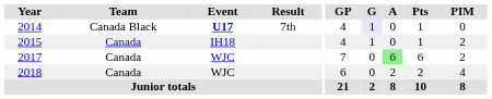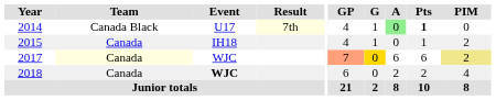 <table border="0" cellpadding="1" cellspacing="0" ID="Table3" style="text-align:center; width:40em">
 <tr bgcolor="#e0e0e0">
 <th>Year</th>
 <th>Team</th>
 <th>Event</th>
 <th>Result</th>
 <th rowspan="100" bgcolor="#ffffff"></th>
 <th>GP</th>
 <th>G</th>
 <th>A</th>
 <th>Pts</th>
 <th>PIM</th>
 </tr>
 <tr>
 <td><a href='#'>2014</a></td>
 <td>Canada Black</td>
-<td><strong><a href='#'>U17</a></strong></td>
-<td>7th</td>
+<td><a href='#'>U17</a></td>
+<td style="background: lightyellow;">7th</td>
 <td>4</td>
-<td style="background: lavender;">1</td>
-<td>0</td>
 <td>1</td>
+<td style="background: lightgreen;">0</td>
+<td><strong>1</strong></td>
 <td>0</td>
 </tr>
 <tr bgcolor="#f0f0f0">
 <td><a href='#'>2015</a></td>
 <td><a href='#'>Canada</a></td>
 <td><a href='#'>IH18</a></td>
 <td></td>
 <td>4</td>
 <td>1</td>
 <td>0</td>
 <td>1</td>
 <td>2</td>
 </tr>
 <tr>
 <td><a href='#'>2017</a></td>
-<td>Canada</td>
+<td style="background: lightyellow;">Canada</td>
 <td><a href='#'>WJC</a></td>
 <td></td>
-<td>7</td>
-<td>0</td>
-<td style="background: lightgreen;">6</td>
+<td style="background: lightsalmon;">7</td>
+<td style="background: gold;">0</td>
 <td>6</td>
-<td>2</td>
+<td>6</td>
+<td style="background: khaki;">2</td>
 </tr>
 <tr bgcolor="#f0f0f0">
 <td><a href='#'>2018</a></td>
 <td>Canada</td>
-<td>WJC</td>
+<td><strong>WJC</strong></td>
 <td></td>
 <td>6</td>
 <td>0</td>
 <td>2</td>
 <td>2</td>
 <td>4</td>
 </tr>
 <tr bgcolor="#e0e0e0">
 <th colspan="4">Junior totals</th>
 <th>21</th>
 <th>2</th>
 <th>8</th>
 <th>10</th>
 <th>8</th>
 </tr>
 </table>
